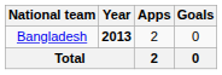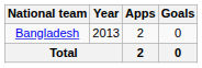 <table class="wikitable" style="text-align:center">
 <tr>
 <th>National team</th>
 <th>Year</th>
 <th>Apps</th>
 <th>Goals</th>
 </tr>
 <tr>
 <td><a href='#'>Bangladesh</a></td>
-<td><strong>2013</strong></td>
+<td>2013</td>
 <td>2</td>
 <td>0</td>
 </tr>
 <tr>
 <th colspan=2>Total</th>
 <th>2</th>
 <th>0</th>
 </tr>
 </table>
